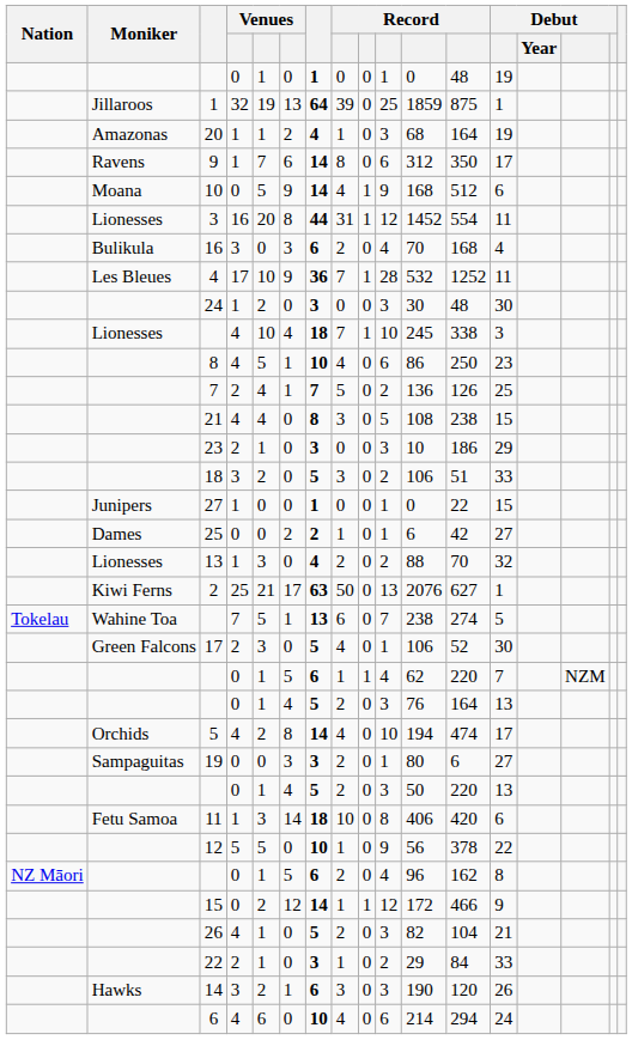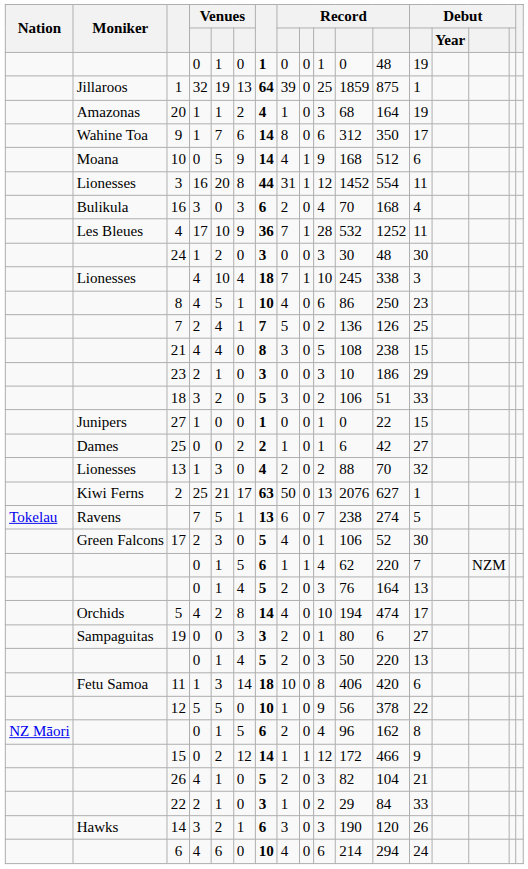 <table class="wikitable sortable" style="margin: 1em auto 1em auto;" style="text-align:right;">
 <tr>
 <th rowspan=2>Nation</th>
 <th rowspan=2 class=unsortable>Moniker</th>
 <th rowspan=2 data-sort-type=text></th>
 <th colspan=3>Venues</th>
 <th rowspan=2></th>
 <th colspan=5>Record</th>
 <th colspan=4>Debut</th>
 <th rowspan=2></th>
 </tr>
 <tr>
 <th class=unsortable></th>
 <th class=unsortable></th>
 <th class=unsortable></th>
 <th class=unsortable></th>
 <th class=unsortable></th>
 <th class=unsortable></th>
 <th class=unsortable></th>
 <th class=unsortable></th>
 <th class=unsortable></th>
 <th class=unsortable>Year</th>
 <th class=unsortable></th>
 <th class=unsortable></th>
 </tr>
 <tr>
 <td align=left></td>
 <td align=left></td>
 <td align=center></td>
 <td>0</td>
 <td>1</td>
 <td>0</td>
 <td><strong>1</strong></td>
 <td>0</td>
 <td>0</td>
 <td>1</td>
 <td>0</td>
 <td>48</td>
 <td>19</td>
 <td></td>
 <td align=left></td>
 <td></td>
 <td></td>
 </tr>
 <tr>
 <td align=left></td>
 <td align=left>Jillaroos</td>
 <td align=center>1</td>
 <td>32</td>
 <td>19</td>
 <td>13</td>
 <td><strong>64</strong></td>
 <td>39</td>
 <td>0</td>
 <td>25</td>
 <td>1859</td>
 <td>875</td>
 <td>1</td>
 <td></td>
 <td align=left></td>
 <td></td>
 <td></td>
 </tr>
 <tr>
 <td align=left></td>
 <td align=left>Amazonas</td>
 <td align=center>20</td>
 <td>1</td>
 <td>1</td>
 <td>2</td>
 <td><strong>4</strong></td>
 <td>1</td>
 <td>0</td>
 <td>3</td>
 <td>68</td>
 <td>164</td>
 <td>19</td>
 <td></td>
 <td align=left></td>
 <td></td>
 <td></td>
 </tr>
 <tr>
 <td align=left></td>
-<td align=left>Ravens</td>
+<td align=left>Wahine Toa</td>
 <td align=center>9</td>
 <td>1</td>
 <td>7</td>
 <td>6</td>
 <td><strong>14</strong></td>
 <td>8</td>
 <td>0</td>
 <td>6</td>
 <td>312</td>
 <td>350</td>
 <td>17</td>
 <td></td>
 <td align=left></td>
 <td></td>
 <td></td>
 </tr>
 <tr>
 <td align=left></td>
 <td align=left>Moana</td>
 <td align=center>10</td>
 <td>0</td>
 <td>5</td>
 <td>9</td>
 <td><strong>14</strong></td>
 <td>4</td>
 <td>1</td>
 <td>9</td>
 <td>168</td>
 <td>512</td>
 <td>6</td>
 <td></td>
 <td align=left></td>
 <td></td>
 <td></td>
 </tr>
 <tr>
 <td align=left></td>
 <td align=left>Lionesses</td>
 <td align=center>3</td>
 <td>16</td>
 <td>20</td>
 <td>8</td>
 <td><strong>44</strong></td>
 <td>31</td>
 <td>1</td>
 <td>12</td>
 <td>1452</td>
 <td>554</td>
 <td>11</td>
 <td></td>
 <td align=left></td>
 <td></td>
 <td></td>
 </tr>
 <tr>
 <td align=left></td>
 <td align=left>Bulikula</td>
 <td align=center>16</td>
 <td>3</td>
 <td>0</td>
 <td>3</td>
 <td><strong>6</strong></td>
 <td>2</td>
 <td>0</td>
 <td>4</td>
 <td>70</td>
 <td>168</td>
 <td>4</td>
 <td></td>
 <td align=left></td>
 <td></td>
 <td></td>
 </tr>
 <tr>
 <td align=left></td>
 <td align=left>Les Bleues</td>
 <td align=center>4</td>
 <td>17</td>
 <td>10</td>
 <td>9</td>
 <td><strong>36</strong></td>
 <td>7</td>
 <td>1</td>
 <td>28</td>
 <td>532</td>
 <td>1252</td>
 <td>11</td>
 <td></td>
 <td align=left></td>
 <td></td>
 <td></td>
 </tr>
 <tr>
 <td align=left></td>
 <td align=left></td>
 <td align=center>24</td>
 <td>1</td>
 <td>2</td>
 <td>0</td>
 <td><strong>3</strong></td>
 <td>0</td>
 <td>0</td>
 <td>3</td>
 <td>30</td>
 <td>48</td>
 <td>30</td>
 <td></td>
 <td align=left></td>
 <td></td>
 <td></td>
 </tr>
 <tr>
 <td align=left></td>
 <td align=left>Lionesses</td>
 <td align=center></td>
 <td>4</td>
 <td>10</td>
 <td>4</td>
 <td><strong>18</strong></td>
 <td>7</td>
 <td>1</td>
 <td>10</td>
 <td>245</td>
 <td>338</td>
 <td>3</td>
 <td></td>
 <td align=left></td>
 <td></td>
 <td></td>
 </tr>
 <tr>
 <td align=left></td>
 <td align=left></td>
 <td align=center>8</td>
 <td>4</td>
 <td>5</td>
 <td>1</td>
 <td><strong>10</strong></td>
 <td>4</td>
 <td>0</td>
 <td>6</td>
 <td>86</td>
 <td>250</td>
 <td>23</td>
 <td></td>
 <td align=left></td>
 <td></td>
 <td></td>
 </tr>
 <tr>
 <td align=left></td>
 <td align=left></td>
 <td align=center>7</td>
 <td>2</td>
 <td>4</td>
 <td>1</td>
 <td><strong>7</strong></td>
 <td>5</td>
 <td>0</td>
 <td>2</td>
 <td>136</td>
 <td>126</td>
 <td>25</td>
 <td></td>
 <td align=left></td>
 <td></td>
 <td></td>
 </tr>
 <tr>
 <td align=left></td>
 <td align=left></td>
 <td align=center>21</td>
 <td>4</td>
 <td>4</td>
 <td>0</td>
 <td><strong>8</strong></td>
 <td>3</td>
 <td>0</td>
 <td>5</td>
 <td>108</td>
 <td>238</td>
 <td>15</td>
 <td></td>
 <td align=left></td>
 <td></td>
 <td></td>
 </tr>
 <tr>
 <td align=left></td>
 <td align=left></td>
 <td align=center>23</td>
 <td>2</td>
 <td>1</td>
 <td>0</td>
 <td><strong>3</strong></td>
 <td>0</td>
 <td>0</td>
 <td>3</td>
 <td>10</td>
 <td>186</td>
 <td>29</td>
 <td></td>
 <td align=left></td>
 <td></td>
 <td></td>
 </tr>
 <tr>
 <td align=left></td>
 <td align=left></td>
 <td align=center>18</td>
 <td>3</td>
 <td>2</td>
 <td>0</td>
 <td><strong>5</strong></td>
 <td>3</td>
 <td>0</td>
 <td>2</td>
 <td>106</td>
 <td>51</td>
 <td>33</td>
 <td></td>
 <td align=left></td>
 <td></td>
 <td></td>
 </tr>
 <tr>
 <td align=left></td>
 <td align=left>Junipers</td>
 <td align=center>27</td>
 <td>1</td>
 <td>0</td>
 <td>0</td>
 <td><strong>1</strong></td>
 <td>0</td>
 <td>0</td>
 <td>1</td>
 <td>0</td>
 <td>22</td>
 <td>15</td>
 <td></td>
 <td align=left></td>
 <td></td>
 <td></td>
 </tr>
 <tr>
 <td align=left></td>
 <td align=left>Dames</td>
 <td align=center>25</td>
 <td>0</td>
 <td>0</td>
 <td>2</td>
 <td><strong>2</strong></td>
 <td>1</td>
 <td>0</td>
 <td>1</td>
 <td>6</td>
 <td>42</td>
 <td>27</td>
 <td></td>
 <td align=left></td>
 <td></td>
 <td></td>
 </tr>
 <tr>
 <td align=left></td>
 <td align=left>Lionesses</td>
 <td align=center>13</td>
 <td>1</td>
 <td>3</td>
 <td>0</td>
 <td><strong>4</strong></td>
 <td>2</td>
 <td>0</td>
 <td>2</td>
 <td>88</td>
 <td>70</td>
 <td>32</td>
 <td></td>
 <td align=left></td>
 <td></td>
 <td></td>
 </tr>
 <tr>
 <td align=left></td>
 <td align=left>Kiwi Ferns</td>
 <td align=center>2</td>
 <td>25</td>
 <td>21</td>
 <td>17</td>
 <td><strong>63</strong></td>
 <td>50</td>
 <td>0</td>
 <td>13</td>
 <td>2076</td>
 <td>627</td>
 <td>1</td>
 <td></td>
 <td align=left></td>
 <td></td>
 <td></td>
 </tr>
 <tr>
 <td align=left> <a href='#'>Tokelau</a></td>
-<td align=left>Wahine Toa</td>
+<td align=left>Ravens</td>
 <td align=center></td>
 <td>7</td>
 <td>5</td>
 <td>1</td>
 <td><strong>13</strong></td>
 <td>6</td>
 <td>0</td>
 <td>7</td>
 <td>238</td>
 <td>274</td>
 <td>5</td>
 <td></td>
 <td align=left></td>
 <td></td>
 <td></td>
 </tr>
 <tr>
 <td align=left></td>
 <td align=left>Green Falcons</td>
 <td align=center>17</td>
 <td>2</td>
 <td>3</td>
 <td>0</td>
 <td><strong>5</strong></td>
 <td>4</td>
 <td>0</td>
 <td>1</td>
 <td>106</td>
 <td>52</td>
 <td>30</td>
 <td></td>
 <td align=left></td>
 <td></td>
 <td></td>
 </tr>
 <tr>
 <td align=left></td>
 <td align=left></td>
 <td align=center></td>
 <td>0</td>
 <td>1</td>
 <td>5</td>
 <td><strong>6</strong></td>
 <td>1</td>
 <td>1</td>
 <td>4</td>
 <td>62</td>
 <td>220</td>
 <td>7</td>
 <td></td>
 <td align=left> NZM</td>
 <td></td>
 <td></td>
 </tr>
 <tr>
 <td align=left></td>
 <td align=left></td>
 <td align=center></td>
 <td>0</td>
 <td>1</td>
 <td>4</td>
 <td><strong>5</strong></td>
 <td>2</td>
 <td>0</td>
 <td>3</td>
 <td>76</td>
 <td>164</td>
 <td>13</td>
 <td></td>
 <td align=left></td>
 <td></td>
 <td></td>
 </tr>
 <tr>
 <td align=left></td>
 <td align=left>Orchids</td>
 <td align=center>5</td>
 <td>4</td>
 <td>2</td>
 <td>8</td>
 <td><strong>14</strong></td>
 <td>4</td>
 <td>0</td>
 <td>10</td>
 <td>194</td>
 <td>474</td>
 <td>17</td>
 <td></td>
 <td align=left></td>
 <td></td>
 <td></td>
 </tr>
 <tr>
 <td align=left></td>
 <td align=left>Sampaguitas</td>
 <td align=center>19</td>
 <td>0</td>
 <td>0</td>
 <td>3</td>
 <td><strong>3</strong></td>
 <td>2</td>
 <td>0</td>
 <td>1</td>
 <td>80</td>
 <td>6</td>
 <td>27</td>
 <td></td>
 <td align=left></td>
 <td></td>
 <td></td>
 </tr>
 <tr>
 <td align=left></td>
 <td align=left></td>
 <td align=center></td>
 <td>0</td>
 <td>1</td>
 <td>4</td>
 <td><strong>5</strong></td>
 <td>2</td>
 <td>0</td>
 <td>3</td>
 <td>50</td>
 <td>220</td>
 <td>13</td>
 <td></td>
 <td align=left></td>
 <td></td>
 <td></td>
 </tr>
 <tr>
 <td align=left></td>
 <td align=left>Fetu Samoa</td>
 <td align=center>11</td>
 <td>1</td>
 <td>3</td>
 <td>14</td>
 <td><strong>18</strong></td>
 <td>10</td>
 <td>0</td>
 <td>8</td>
 <td>406</td>
 <td>420</td>
 <td>6</td>
 <td></td>
 <td align=left></td>
 <td></td>
 <td></td>
 </tr>
 <tr>
 <td align=left></td>
 <td align=left></td>
 <td align=center>12</td>
 <td>5</td>
 <td>5</td>
 <td>0</td>
 <td><strong>10</strong></td>
 <td>1</td>
 <td>0</td>
 <td>9</td>
 <td>56</td>
 <td>378</td>
 <td>22</td>
 <td></td>
 <td align=left></td>
 <td></td>
 <td></td>
 </tr>
 <tr>
 <td align=left> <a href='#'>NZ Māori</a></td>
 <td align=left></td>
 <td align=center></td>
 <td>0</td>
 <td>1</td>
 <td>5</td>
 <td><strong>6</strong></td>
 <td>2</td>
 <td>0</td>
 <td>4</td>
 <td>96</td>
 <td>162</td>
 <td>8</td>
 <td></td>
 <td align=left></td>
 <td></td>
 <td></td>
 </tr>
 <tr>
 <td align=left></td>
 <td align=left></td>
 <td align=center>15</td>
 <td>0</td>
 <td>2</td>
 <td>12</td>
 <td><strong>14</strong></td>
 <td>1</td>
 <td>1</td>
 <td>12</td>
 <td>172</td>
 <td>466</td>
 <td>9</td>
 <td></td>
 <td align=left></td>
 <td></td>
 <td></td>
 </tr>
 <tr>
 <td align=left></td>
 <td align=left></td>
 <td align=center>26</td>
 <td>4</td>
 <td>1</td>
 <td>0</td>
 <td><strong>5</strong></td>
 <td>2</td>
 <td>0</td>
 <td>3</td>
 <td>82</td>
 <td>104</td>
 <td>21</td>
 <td></td>
 <td align=left></td>
 <td></td>
 <td></td>
 </tr>
 <tr>
 <td align=left></td>
 <td align=left></td>
 <td align=center>22</td>
 <td>2</td>
 <td>1</td>
 <td>0</td>
 <td><strong>3</strong></td>
 <td>1</td>
 <td>0</td>
 <td>2</td>
 <td>29</td>
 <td>84</td>
 <td>33</td>
 <td></td>
 <td align=left></td>
 <td></td>
 <td></td>
 </tr>
 <tr>
 <td align=left></td>
 <td align=left>Hawks</td>
 <td align=center>14</td>
 <td>3</td>
 <td>2</td>
 <td>1</td>
 <td><strong>6</strong></td>
 <td>3</td>
 <td>0</td>
 <td>3</td>
 <td>190</td>
 <td>120</td>
 <td>26</td>
 <td></td>
 <td align=left></td>
 <td></td>
 <td></td>
 </tr>
 <tr>
 <td align=left></td>
 <td align=left></td>
 <td align=center>6</td>
 <td>4</td>
 <td>6</td>
 <td>0</td>
 <td><strong>10</strong></td>
 <td>4</td>
 <td>0</td>
 <td>6</td>
 <td>214</td>
 <td>294</td>
 <td>24</td>
 <td></td>
 <td align=left></td>
 <td></td>
 <td></td>
 </tr>
 </table>
